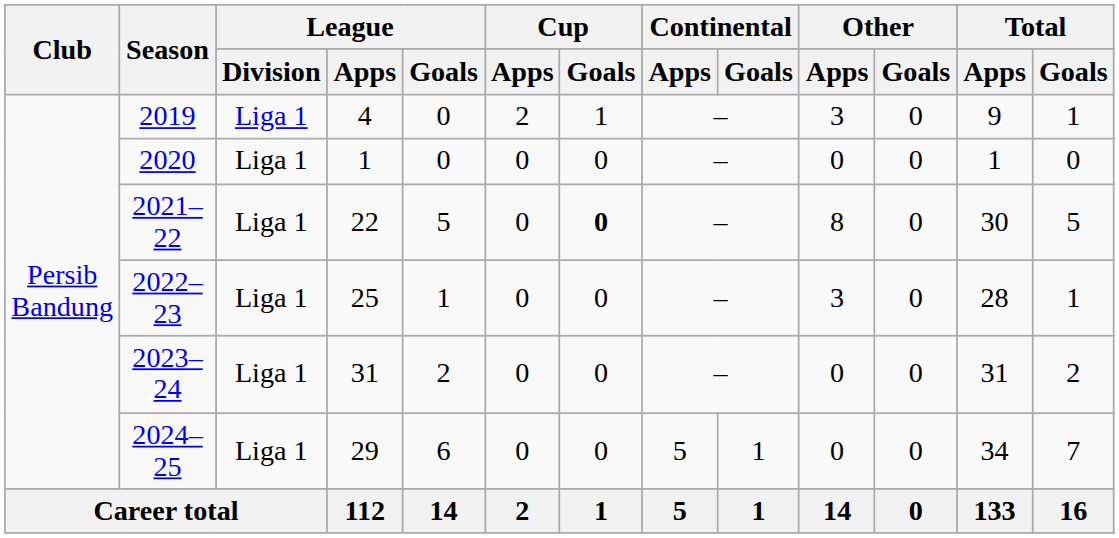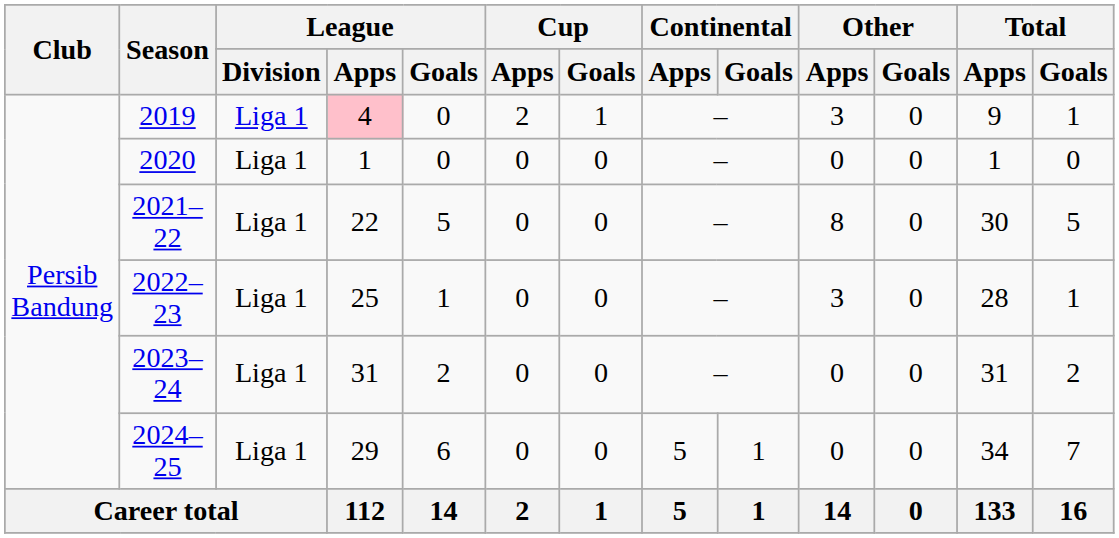 <table class="wikitable" style="text-align: center">
 <tr>
 <th rowspan="2">Club</th>
 <th rowspan="2">Season</th>
 <th colspan="3">League</th>
 <th colspan="2">Cup</th>
 <th colspan="2">Continental</th>
 <th colspan="2">Other</th>
 <th colspan="2">Total</th>
 </tr>
 <tr>
 <th>Division</th>
 <th>Apps</th>
 <th>Goals</th>
 <th>Apps</th>
 <th>Goals</th>
 <th>Apps</th>
 <th>Goals</th>
 <th>Apps</th>
 <th>Goals</th>
 <th>Apps</th>
 <th>Goals</th>
 </tr>
 <tr>
 <td rowspan="6"><a href='#'>Persib Bandung</a></td>
 <td><a href='#'>2019</a></td>
 <td rowspan="1" valign="center"><a href='#'>Liga 1</a></td>
-<td>4</td>
+<td style="background: pink;">4</td>
 <td>0</td>
 <td>2</td>
 <td>1</td>
 <td colspan="2">–</td>
 <td>3</td>
 <td>0</td>
 <td>9</td>
 <td>1</td>
 </tr>
 <tr>
 <td><a href='#'>2020</a></td>
 <td rowspan="1" valign="center">Liga 1</td>
 <td>1</td>
 <td>0</td>
 <td>0</td>
 <td>0</td>
 <td colspan="2">–</td>
 <td>0</td>
 <td>0</td>
 <td>1</td>
 <td>0</td>
 </tr>
 <tr>
 <td><a href='#'>2021–22</a></td>
 <td rowspan="1" valign="center">Liga 1</td>
 <td>22</td>
 <td>5</td>
 <td>0</td>
-<td><strong>0</strong></td>
+<td>0</td>
 <td colspan="2">–</td>
 <td>8</td>
 <td>0</td>
 <td>30</td>
 <td>5</td>
 </tr>
 <tr>
 <td><a href='#'>2022–23</a></td>
 <td rowspan="1" valign="center">Liga 1</td>
 <td>25</td>
 <td>1</td>
 <td>0</td>
 <td>0</td>
 <td colspan=2>–</td>
 <td>3</td>
 <td>0</td>
 <td>28</td>
 <td>1</td>
 </tr>
 <tr>
 <td><a href='#'>2023–24</a></td>
 <td>Liga 1</td>
 <td>31</td>
 <td>2</td>
 <td>0</td>
 <td>0</td>
 <td colspan="2">–</td>
 <td>0</td>
 <td>0</td>
 <td>31</td>
 <td>2</td>
 </tr>
 <tr>
 <td><a href='#'>2024–25</a></td>
 <td>Liga 1</td>
 <td>29</td>
 <td>6</td>
 <td>0</td>
 <td>0</td>
 <td>5</td>
 <td>1</td>
 <td>0</td>
 <td>0</td>
 <td>34</td>
 <td>7</td>
 </tr>
 <tr>
 <th colspan=3>Career total</th>
 <th>112</th>
 <th>14</th>
 <th>2</th>
 <th>1</th>
 <th>5</th>
 <th>1</th>
 <th>14</th>
 <th>0</th>
 <th>133</th>
 <th>16</th>
 </tr>
 </table>
